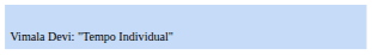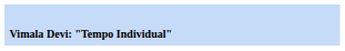 <table class="toccolours" style="float: right; margin-left: 1em; margin-right: 2em; font-size: 90%; background:#c6dbf7; width:30em; max-width: 40%;" cellspacing="5">
 <tr>
 <td style="text-align: left;"><br></td>
 </tr>
 <tr>
-<td style="text-align: left;">Vimala Devi: "Tempo Individual"</td>
+<td style="text-align: left;"><strong>Vimala Devi: "Tempo Individual"</strong></td>
 </tr>
 </table>
